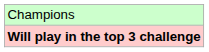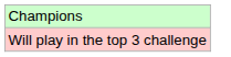 <table class="wikitable">
 <tr style="width:10px; background:#cfc;">
 <td>Champions</td>
 </tr>
 <tr style="width:10px; background:#fcc;">
-<td><strong>Will play in the top 3 challenge</strong></td>
+<td>Will play in the top 3 challenge</td>
 </tr>
 </table>
